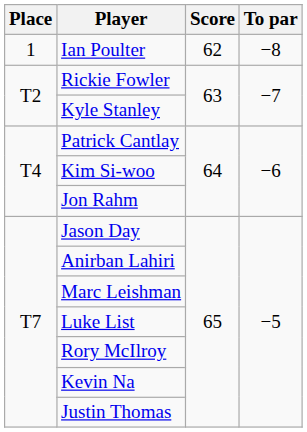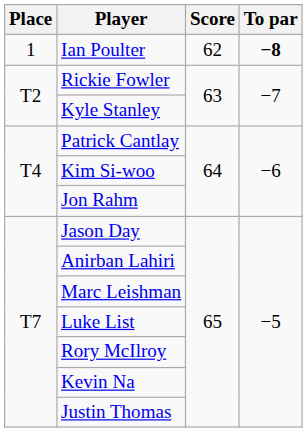 <table class="wikitable">
 <tr>
 <th>Place</th>
 <th>Player</th>
 <th>Score</th>
 <th>To par</th>
 </tr>
 <tr>
 <td align=center>1</td>
 <td> <a href='#'>Ian Poulter</a></td>
 <td align=center>62</td>
-<td align=center>−8</td>
+<td align=center><strong>−8</strong></td>
 </tr>
 <tr>
 <td align=center rowspan=2>T2</td>
 <td> <a href='#'>Rickie Fowler</a></td>
 <td align=center rowspan=2>63</td>
 <td align=center rowspan=2>−7</td>
 </tr>
 <tr>
 <td> <a href='#'>Kyle Stanley</a></td>
 </tr>
 <tr>
 <td align=center rowspan=3>T4</td>
 <td> <a href='#'>Patrick Cantlay</a></td>
 <td align=center rowspan=3>64</td>
 <td align=center rowspan=3>−6</td>
 </tr>
 <tr>
 <td> <a href='#'>Kim Si-woo</a></td>
 </tr>
 <tr>
 <td> <a href='#'>Jon Rahm</a></td>
 </tr>
 <tr>
 <td align=center rowspan=7>T7</td>
 <td> <a href='#'>Jason Day</a></td>
 <td align=center rowspan=7>65</td>
 <td align=center rowspan=7>−5</td>
 </tr>
 <tr>
 <td> <a href='#'>Anirban Lahiri</a></td>
 </tr>
 <tr>
 <td> <a href='#'>Marc Leishman</a></td>
 </tr>
 <tr>
 <td> <a href='#'>Luke List</a></td>
 </tr>
 <tr>
 <td> <a href='#'>Rory McIlroy</a></td>
 </tr>
 <tr>
 <td> <a href='#'>Kevin Na</a></td>
 </tr>
 <tr>
 <td> <a href='#'>Justin Thomas</a></td>
 </tr>
 </table>
